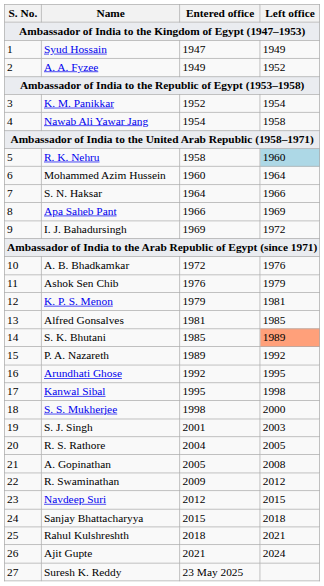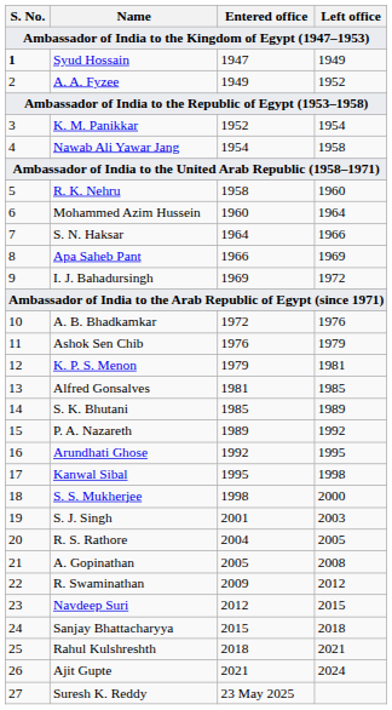 <table class="wikitable">
 <tr>
 <th>S. No.</th>
 <th>Name</th>
 <th>Entered office</th>
 <th>Left office</th>
 </tr>
 <tr>
 <th colspan="4" align="center" style="background-color:#eaecf0; color:">Ambassador of India to the Kingdom of Egypt (1947–1953)</th>
 </tr>
 <tr>
-<td>1</td>
+<td><strong>1</strong></td>
 <td><a href='#'>Syud Hossain</a></td>
 <td>1947</td>
 <td>1949</td>
 </tr>
 <tr>
 <td>2</td>
 <td><a href='#'>A. A. Fyzee</a></td>
 <td>1949</td>
 <td>1952</td>
 </tr>
 <tr>
 <th colspan="4" align="center" style="background-color:#eaecf0; color:">Ambassador of India to the Republic of Egypt (1953–1958)</th>
 </tr>
 <tr>
 <td>3</td>
 <td><a href='#'>K. M. Panikkar</a></td>
 <td>1952</td>
 <td>1954</td>
 </tr>
 <tr>
 <td>4</td>
 <td><a href='#'>Nawab Ali Yawar Jang</a></td>
 <td>1954</td>
 <td>1958</td>
 </tr>
 <tr>
 <th colspan="4" align="center" style="background-color:#eaecf0; color:">Ambassador of India to the United Arab Republic (1958–1971)</th>
 </tr>
 <tr>
 <td>5</td>
 <td><a href='#'>R. K. Nehru</a></td>
 <td>1958</td>
-<td style="background: lightblue;">1960</td>
+<td>1960</td>
 </tr>
 <tr>
 <td>6</td>
 <td>Mohammed Azim Hussein</td>
 <td>1960</td>
 <td>1964</td>
 </tr>
 <tr>
 <td>7</td>
 <td>S. N. Haksar</td>
 <td>1964</td>
 <td>1966</td>
 </tr>
 <tr>
 <td>8</td>
 <td><a href='#'>Apa Saheb Pant</a></td>
 <td>1966</td>
 <td>1969</td>
 </tr>
 <tr>
 <td>9</td>
 <td>I. J. Bahadursingh</td>
 <td>1969</td>
 <td>1972</td>
 </tr>
 <tr>
 <th colspan="4" align="center" style="background-color:#eaecf0; color:">Ambassador of India to the Arab Republic of Egypt (since 1971)</th>
 </tr>
 <tr>
 <td>10</td>
 <td>A. B. Bhadkamkar</td>
 <td>1972</td>
 <td>1976</td>
 </tr>
 <tr>
 <td>11</td>
 <td>Ashok Sen Chib</td>
 <td>1976</td>
 <td>1979</td>
 </tr>
 <tr>
 <td>12</td>
 <td><a href='#'>K. P. S. Menon</a></td>
 <td>1979</td>
 <td>1981</td>
 </tr>
 <tr>
 <td>13</td>
 <td>Alfred Gonsalves</td>
 <td>1981</td>
 <td>1985</td>
 </tr>
 <tr>
 <td>14</td>
 <td>S. K. Bhutani</td>
 <td>1985</td>
-<td style="background: lightsalmon;">1989</td>
+<td>1989</td>
 </tr>
 <tr>
 <td>15</td>
 <td>P. A. Nazareth</td>
 <td>1989</td>
 <td>1992</td>
 </tr>
 <tr>
 <td>16</td>
 <td><a href='#'>Arundhati Ghose</a></td>
 <td>1992</td>
 <td>1995</td>
 </tr>
 <tr>
 <td>17</td>
 <td><a href='#'>Kanwal Sibal</a></td>
 <td>1995</td>
 <td>1998</td>
 </tr>
 <tr>
 <td>18</td>
 <td><a href='#'>S. S. Mukherjee</a></td>
 <td>1998</td>
 <td>2000</td>
 </tr>
 <tr>
 <td>19</td>
 <td>S. J. Singh</td>
 <td>2001</td>
 <td>2003</td>
 </tr>
 <tr>
 <td>20</td>
 <td>R. S. Rathore</td>
 <td>2004</td>
 <td>2005</td>
 </tr>
 <tr>
 <td>21</td>
 <td>A. Gopinathan</td>
 <td>2005</td>
 <td>2008</td>
 </tr>
 <tr>
 <td>22</td>
 <td>R. Swaminathan</td>
 <td>2009</td>
 <td>2012</td>
 </tr>
 <tr>
 <td>23</td>
 <td><a href='#'>Navdeep Suri</a></td>
 <td>2012</td>
 <td>2015</td>
 </tr>
 <tr>
 <td>24</td>
 <td>Sanjay Bhattacharyya</td>
 <td>2015</td>
 <td>2018</td>
 </tr>
 <tr>
 <td>25</td>
 <td>Rahul Kulshreshth</td>
 <td>2018</td>
 <td>2021</td>
 </tr>
 <tr>
 <td>26</td>
 <td>Ajit Gupte</td>
 <td>2021</td>
 <td>2024</td>
 </tr>
 <tr>
 <td>27</td>
 <td>Suresh K. Reddy</td>
 <td>23 May 2025</td>
 <td></td>
 </tr>
 </table>
